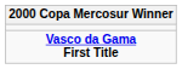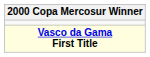 <table class="wikitable" style="text-align: center; margin: 0 auto;">
 <tr>
 <th>2000 Copa Mercosur Winner</th>
 </tr>
 <tr>
 <td></td>
 </tr>
 <tr>
-<td><strong><a href='#'>Vasco da Gama</a></strong><br><strong>First Title</strong></td>
+<td style="background: lightyellow;"><strong><a href='#'>Vasco da Gama</a></strong><br><strong>First Title</strong></td>
 </tr>
 </table>
